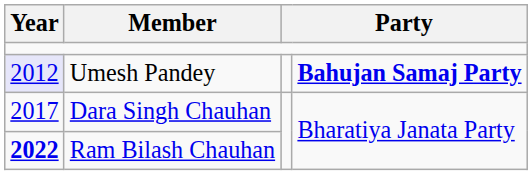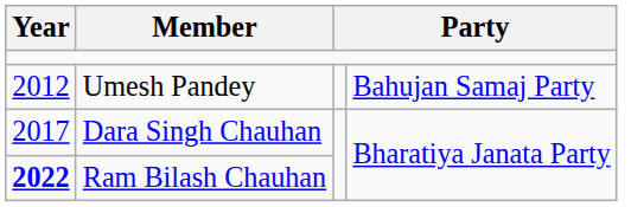 <table class="wikitable">
 <tr>
 <th>Year</th>
 <th>Member</th>
 <th colspan="2">Party</th>
 </tr>
 <tr>
 <td colspan="4"></td>
 </tr>
 <tr>
-<td style="background: lavender;"><a href='#'>2012</a></td>
+<td><a href='#'>2012</a></td>
 <td>Umesh Pandey</td>
 <td style="background-color: "></td>
-<td><strong><a href='#'>Bahujan Samaj Party</a></strong></td>
+<td><a href='#'>Bahujan Samaj Party</a></td>
 </tr>
 <tr>
 <td><a href='#'>2017</a></td>
 <td><a href='#'>Dara Singh Chauhan</a></td>
 <td rowspan="2" style="background-color: "></td>
 <td rowspan="2"><a href='#'>Bharatiya Janata Party</a></td>
 </tr>
 <tr>
 <td><strong><a href='#'>2022</a></strong></td>
 <td><a href='#'>Ram Bilash Chauhan</a></td>
 </tr>
 </table>
